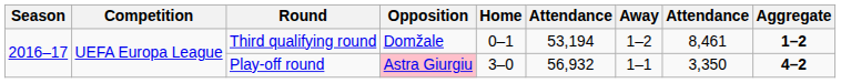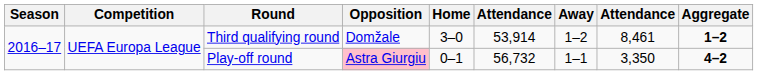 <table class="wikitable">
 <tr>
 <th>Season</th>
 <th>Competition</th>
 <th>Round</th>
 <th>Opposition</th>
 <th>Home</th>
 <th>Attendance</th>
 <th>Away</th>
 <th>Attendance</th>
 <th>Aggregate</th>
 </tr>
 <tr>
 <td rowspan=2><a href='#'>2016–17</a></td>
 <td rowspan=2><a href='#'>UEFA Europa League</a></td>
 <td><a href='#'>Third qualifying round</a></td>
 <td> <a href='#'>Domžale</a></td>
-<td style="text-align:center;">0–1</td>
-<td style="text-align:center;">53,194</td>
+<td style="text-align:center;">3–0</td>
+<td style="text-align:center;">53,914</td>
 <td style="text-align:center;">1–2</td>
 <td style="text-align:center;">8,461</td>
 <td style="text-align:center;"><strong>1–2</strong></td>
 </tr>
 <tr>
 <td><a href='#'>Play-off round</a></td>
 <td style="background: pink;"> <a href='#'>Astra Giurgiu</a></td>
-<td style="text-align:center;">3–0</td>
-<td style="text-align:center;">56,932</td>
+<td style="text-align:center;">0–1</td>
+<td style="text-align:center;">56,732</td>
 <td style="text-align:center;">1–1</td>
 <td style="text-align:center;">3,350</td>
 <td style="text-align:center;"><strong>4–2</strong></td>
 </tr>
 </table>
